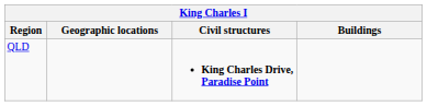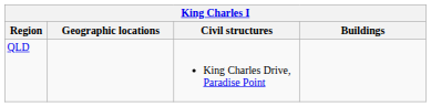 <table class="wikitable" width="100%">
 <tr>
 <th colspan="4"> <a href='#'>King Charles I</a></th>
 </tr>
 <tr>
 <th width="5%">Region</th>
 <th width="23.75%">Geographic locations</th>
 <th width="23.75%">Civil structures</th>
 <th width="23.75%">Buildings</th>
 </tr>
 <tr>
 <td align=left valign=top> <a href='#'>QLD</a></td>
 <td></td>
-<td align=left valign=top><strong><br><ul><li>King Charles Drive, <a href='#'>Paradise Point</a></li></ul></strong></td>
+<td align=left valign=top><br><ul><li>King Charles Drive, <a href='#'>Paradise Point</a></li></ul></td>
 <td></td>
 </tr>
 </table>
